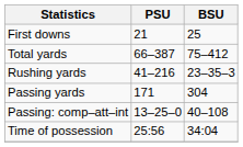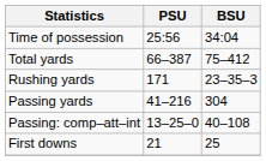 <table class="wikitable" style="float: left;">
 <tr>
 <th>Statistics</th>
 <th>PSU</th>
 <th>BSU</th>
 </tr>
 <tr>
-<td>First downs</td>
-<td>21</td>
-<td>25</td>
+<td>Time of possession</td>
+<td>25:56</td>
+<td>34:04</td>
 </tr>
 <tr>
 <td>Total yards</td>
 <td>66–387</td>
 <td>75–412</td>
 </tr>
 <tr>
 <td>Rushing yards</td>
-<td>41–216</td>
+<td>171</td>
 <td>23–35–3</td>
 </tr>
 <tr>
 <td>Passing yards</td>
-<td>171</td>
+<td>41–216</td>
 <td>304</td>
 </tr>
 <tr>
 <td>Passing: comp–att–int</td>
 <td>13–25–0</td>
 <td>40–108</td>
 </tr>
 <tr>
-<td>Time of possession</td>
-<td>25:56</td>
-<td>34:04</td>
+<td>First downs</td>
+<td>21</td>
+<td>25</td>
 </tr>
 <tr>
 </tr>
 </table>
